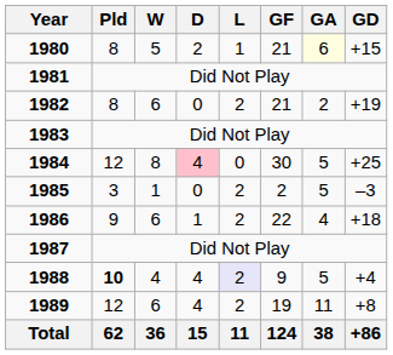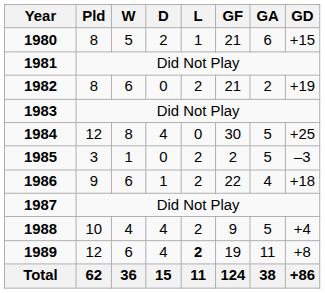 <table class="wikitable" style="text-align: center;">
 <tr>
 <th width=70>Year</th>
 <th width=30>Pld</th>
 <th width=30>W</th>
 <th width=30>D</th>
 <th width=30>L</th>
 <th width=30>GF</th>
 <th width=30>GA</th>
 <th width=30>GD</th>
 </tr>
 <tr>
 <td><strong>1980</strong></td>
 <td>8</td>
 <td>5</td>
 <td>2</td>
 <td>1</td>
 <td>21</td>
-<td style="background: lightyellow;">6</td>
+<td>6</td>
 <td>+15</td>
 </tr>
 <tr>
 <td><strong>1981</strong></td>
 <td colspan=7>Did Not Play</td>
 </tr>
 <tr>
 <td><strong>1982</strong></td>
 <td>8</td>
 <td>6</td>
 <td>0</td>
 <td>2</td>
 <td>21</td>
 <td>2</td>
 <td>+19</td>
 </tr>
 <tr>
 <td><strong>1983</strong></td>
 <td colspan=7>Did Not Play</td>
 </tr>
 <tr>
 <td><strong>1984</strong></td>
 <td>12</td>
 <td>8</td>
-<td style="background: pink;">4</td>
+<td>4</td>
 <td>0</td>
 <td>30</td>
 <td>5</td>
 <td>+25</td>
 </tr>
 <tr>
 <td><strong>1985</strong></td>
 <td>3</td>
 <td>1</td>
 <td>0</td>
 <td>2</td>
 <td>2</td>
 <td>5</td>
 <td>–3</td>
 </tr>
 <tr>
 <td><strong>1986</strong></td>
 <td>9</td>
 <td>6</td>
 <td>1</td>
 <td>2</td>
 <td>22</td>
 <td>4</td>
 <td>+18</td>
 </tr>
 <tr>
 <td><strong>1987</strong></td>
 <td colspan=7>Did Not Play</td>
 </tr>
 <tr>
 <td><strong>1988</strong></td>
-<td><strong>10</strong></td>
+<td>10</td>
 <td>4</td>
 <td>4</td>
-<td style="background: lavender;">2</td>
+<td>2</td>
 <td>9</td>
 <td>5</td>
 <td>+4</td>
 </tr>
 <tr>
 <td><strong>1989</strong></td>
 <td>12</td>
 <td>6</td>
 <td>4</td>
-<td>2</td>
+<td><strong>2</strong></td>
 <td>19</td>
 <td>11</td>
 <td>+8</td>
 </tr>
 <tr>
 <th>Total</th>
 <th>62</th>
 <th>36</th>
 <th>15</th>
 <th>11</th>
 <th>124</th>
 <th>38</th>
 <th>+86</th>
 </tr>
 </table>
